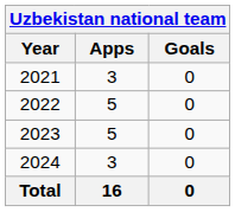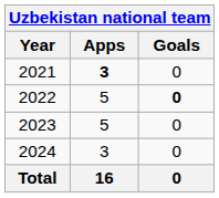 <table class="wikitable" style="text-align:center">
 <tr>
 <th colspan=3><a href='#'>Uzbekistan national team</a></th>
 </tr>
 <tr>
 <th>Year</th>
 <th>Apps</th>
 <th>Goals</th>
 </tr>
 <tr>
 <td>2021</td>
-<td>3</td>
+<td><strong>3</strong></td>
 <td>0</td>
 </tr>
 <tr>
 <td>2022</td>
 <td>5</td>
-<td>0</td>
+<td><strong>0</strong></td>
 </tr>
 <tr>
 <td>2023</td>
 <td>5</td>
 <td>0</td>
 </tr>
 <tr>
 <td>2024</td>
 <td>3</td>
 <td>0</td>
 </tr>
 <tr>
 <th>Total</th>
 <th>16</th>
 <th>0</th>
 </tr>
 </table>
